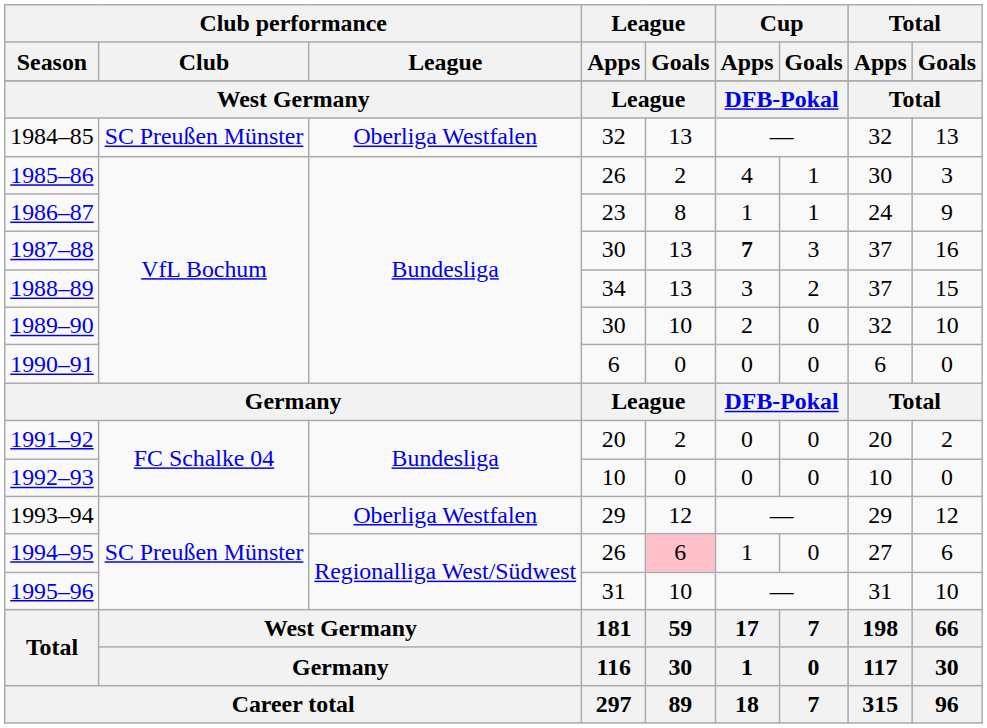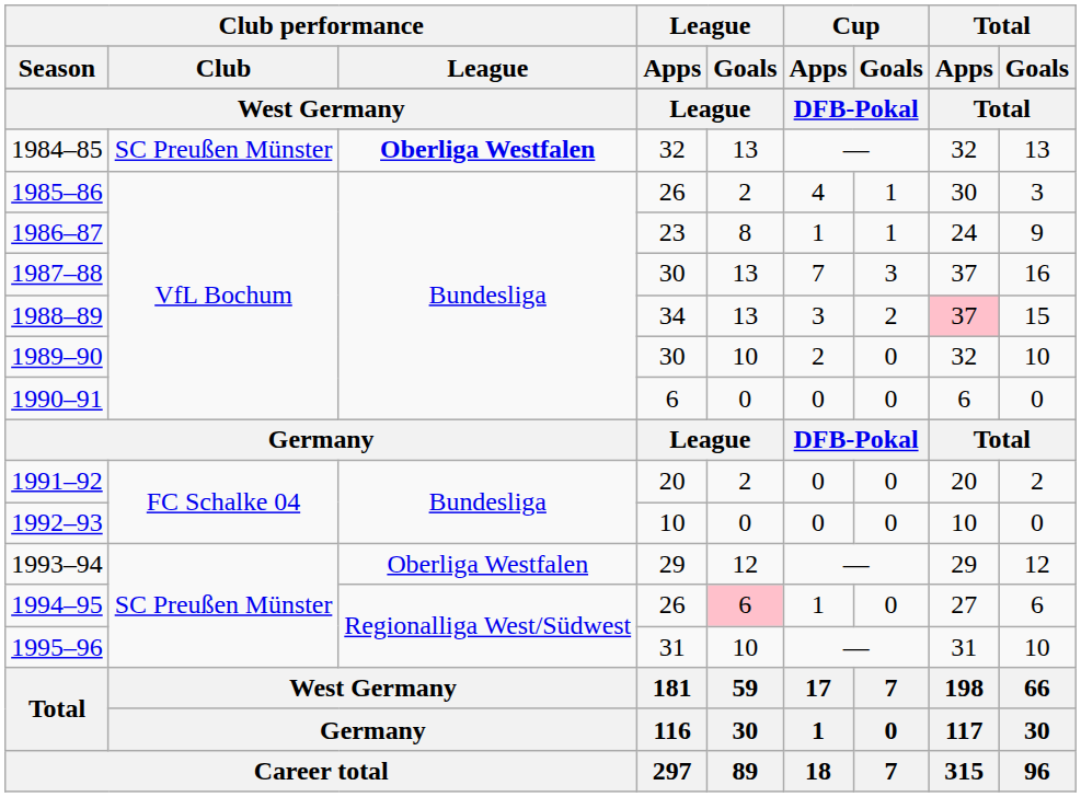 <table class="wikitable" style="text-align:center">
 <tr>
 <th colspan=3>Club performance</th>
 <th colspan=2>League</th>
 <th colspan=2>Cup</th>
 <th colspan=2>Total</th>
 </tr>
 <tr>
 <th>Season</th>
 <th>Club</th>
 <th>League</th>
 <th>Apps</th>
 <th>Goals</th>
 <th>Apps</th>
 <th>Goals</th>
 <th>Apps</th>
 <th>Goals</th>
 </tr>
 <tr>
 </tr>
 <tr>
 <th colspan="3">West Germany</th>
 <th colspan="2">League</th>
 <th colspan="2"><a href='#'>DFB-Pokal</a></th>
 <th colspan="2">Total</th>
 </tr>
 <tr>
 <td>1984–85</td>
 <td><a href='#'>SC Preußen Münster</a></td>
-<td><a href='#'>Oberliga Westfalen</a></td>
+<td><strong><a href='#'>Oberliga Westfalen</a></strong></td>
 <td>32</td>
 <td>13</td>
 <td colspan="2">—</td>
 <td>32</td>
 <td>13</td>
 </tr>
 <tr>
 <td><a href='#'>1985–86</a></td>
 <td rowspan="6"><a href='#'>VfL Bochum</a></td>
 <td rowspan="6"><a href='#'>Bundesliga</a></td>
 <td>26</td>
 <td>2</td>
 <td>4</td>
 <td>1</td>
 <td>30</td>
 <td>3</td>
 </tr>
 <tr>
 <td><a href='#'>1986–87</a></td>
 <td>23</td>
 <td>8</td>
 <td>1</td>
 <td>1</td>
 <td>24</td>
 <td>9</td>
 </tr>
 <tr>
 <td><a href='#'>1987–88</a></td>
 <td>30</td>
 <td>13</td>
-<td><strong>7</strong></td>
+<td>7</td>
 <td>3</td>
 <td>37</td>
 <td>16</td>
 </tr>
 <tr>
 <td><a href='#'>1988–89</a></td>
 <td>34</td>
 <td>13</td>
 <td>3</td>
 <td>2</td>
-<td>37</td>
+<td style="background: pink;">37</td>
 <td>15</td>
 </tr>
 <tr>
 <td><a href='#'>1989–90</a></td>
 <td>30</td>
 <td>10</td>
 <td>2</td>
 <td>0</td>
 <td>32</td>
 <td>10</td>
 </tr>
 <tr>
 <td><a href='#'>1990–91</a></td>
 <td>6</td>
 <td>0</td>
 <td>0</td>
 <td>0</td>
 <td>6</td>
 <td>0</td>
 </tr>
 <tr>
 <th colspan=3>Germany</th>
 <th colspan=2>League</th>
 <th colspan=2><a href='#'>DFB-Pokal</a></th>
 <th colspan=2>Total</th>
 </tr>
 <tr>
 <td><a href='#'>1991–92</a></td>
 <td rowspan="2"><a href='#'>FC Schalke 04</a></td>
 <td rowspan="2"><a href='#'>Bundesliga</a></td>
 <td>20</td>
 <td>2</td>
 <td>0</td>
 <td>0</td>
 <td>20</td>
 <td>2</td>
 </tr>
 <tr>
 <td><a href='#'>1992–93</a></td>
 <td>10</td>
 <td>0</td>
 <td>0</td>
 <td>0</td>
 <td>10</td>
 <td>0</td>
 </tr>
 <tr>
 <td>1993–94</td>
 <td rowspan="3"><a href='#'>SC Preußen Münster</a></td>
 <td><a href='#'>Oberliga Westfalen</a></td>
 <td>29</td>
 <td>12</td>
 <td colspan="2">—</td>
 <td>29</td>
 <td>12</td>
 </tr>
 <tr>
 <td><a href='#'>1994–95</a></td>
 <td rowspan="2"><a href='#'>Regionalliga West/Südwest</a></td>
 <td>26</td>
 <td style="background: pink;">6</td>
 <td>1</td>
 <td>0</td>
 <td>27</td>
 <td>6</td>
 </tr>
 <tr>
 <td><a href='#'>1995–96</a></td>
 <td>31</td>
 <td>10</td>
 <td colspan="2">—</td>
 <td>31</td>
 <td>10</td>
 </tr>
 <tr>
 <th rowspan="2">Total</th>
 <th colspan="2">West Germany</th>
 <th>181</th>
 <th>59</th>
 <th>17</th>
 <th>7</th>
 <th>198</th>
 <th>66</th>
 </tr>
 <tr>
 <th colspan=2>Germany</th>
 <th>116</th>
 <th>30</th>
 <th>1</th>
 <th>0</th>
 <th>117</th>
 <th>30</th>
 </tr>
 <tr>
 <th colspan=3>Career total</th>
 <th>297</th>
 <th>89</th>
 <th>18</th>
 <th>7</th>
 <th>315</th>
 <th>96</th>
 </tr>
 </table>
